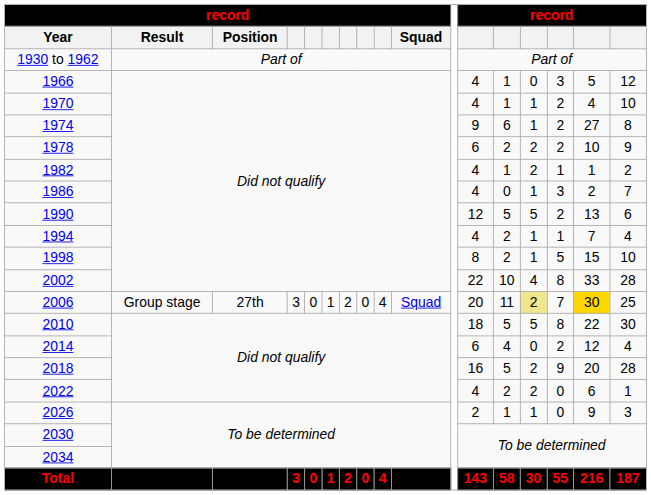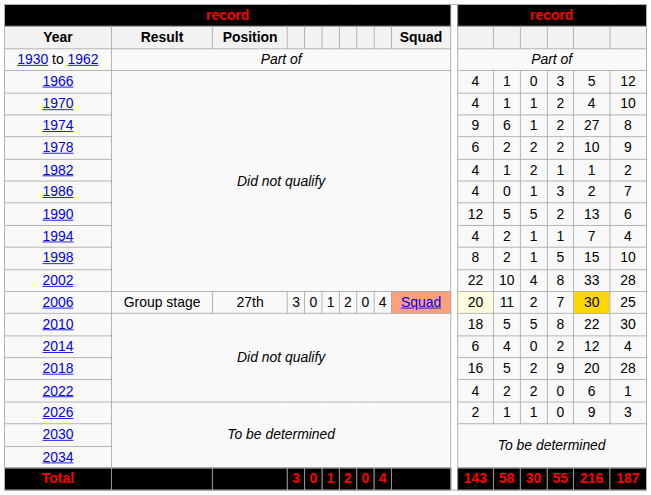 <table class="wikitable" style="text-align: center;">
 <tr>
 <th style="color:red; background:black;" colspan=10><a href='#'></a> record</th>
 <th style="width:1%;background:white" rowspan=22></th>
 <th style="color:red; background:black;" colspan=7><a href='#'></a> record</th>
 </tr>
 <tr>
 <th>Year</th>
 <th>Result</th>
 <th>Position</th>
 <th></th>
 <th></th>
 <th></th>
 <th></th>
 <th></th>
 <th></th>
 <th>Squad</th>
 <th></th>
 <th></th>
 <th></th>
 <th></th>
 <th></th>
 <th></th>
 </tr>
 <tr>
 <td><a href='#'>1930</a> to <a href='#'>1962</a></td>
 <td colspan=9><em>Part of </em></td>
 <td colspan=7><em>Part of </em></td>
 </tr>
 <tr>
 <td> <a href='#'>1966</a></td>
 <td colspan=9 rowspan=10><em>Did not qualify</em></td>
 <td>4</td>
 <td>1</td>
 <td>0</td>
 <td>3</td>
 <td>5</td>
 <td>12</td>
 </tr>
 <tr>
 <td> <a href='#'>1970</a></td>
 <td>4</td>
 <td>1</td>
 <td>1</td>
 <td>2</td>
 <td>4</td>
 <td>10</td>
 </tr>
 <tr>
 <td> <a href='#'>1974</a></td>
 <td>9</td>
 <td>6</td>
 <td>1</td>
 <td>2</td>
 <td>27</td>
 <td>8</td>
 </tr>
 <tr>
 <td> <a href='#'>1978</a></td>
 <td>6</td>
 <td>2</td>
 <td>2</td>
 <td>2</td>
 <td>10</td>
 <td>9</td>
 </tr>
 <tr>
 <td> <a href='#'>1982</a></td>
 <td>4</td>
 <td>1</td>
 <td>2</td>
 <td>1</td>
 <td>1</td>
 <td>2</td>
 </tr>
 <tr>
 <td> <a href='#'>1986</a></td>
 <td>4</td>
 <td>0</td>
 <td>1</td>
 <td>3</td>
 <td>2</td>
 <td>7</td>
 </tr>
 <tr>
 <td> <a href='#'>1990</a></td>
 <td>12</td>
 <td>5</td>
 <td>5</td>
 <td>2</td>
 <td>13</td>
 <td>6</td>
 </tr>
 <tr>
 <td> <a href='#'>1994</a></td>
 <td>4</td>
 <td>2</td>
 <td>1</td>
 <td>1</td>
 <td>7</td>
 <td>4</td>
 </tr>
 <tr>
 <td> <a href='#'>1998</a></td>
 <td>8</td>
 <td>2</td>
 <td>1</td>
 <td>5</td>
 <td>15</td>
 <td>10</td>
 </tr>
 <tr>
 <td>  <a href='#'>2002</a></td>
 <td>22</td>
 <td>10</td>
 <td>4</td>
 <td>8</td>
 <td>33</td>
 <td>28</td>
 </tr>
 <tr>
 <td> <a href='#'>2006</a></td>
 <td>Group stage</td>
 <td>27th</td>
 <td>3</td>
 <td>0</td>
 <td>1</td>
 <td>2</td>
 <td>0</td>
 <td>4</td>
-<td><a href='#'>Squad</a></td>
-<td>20</td>
+<td style="background: lightsalmon;"><a href='#'>Squad</a></td>
+<td style="background: lightyellow;">20</td>
 <td>11</td>
-<td style="background: khaki;">2</td>
+<td>2</td>
 <td>7</td>
 <td style="background: gold;">30</td>
 <td>25</td>
 </tr>
 <tr>
 <td> <a href='#'>2010</a></td>
 <td colspan=9 rowspan=4><em>Did not qualify</em></td>
 <td>18</td>
 <td>5</td>
 <td>5</td>
 <td>8</td>
 <td>22</td>
 <td>30</td>
 </tr>
 <tr>
 <td> <a href='#'>2014</a></td>
 <td>6</td>
 <td>4</td>
 <td>0</td>
 <td>2</td>
 <td>12</td>
 <td>4</td>
 </tr>
 <tr>
 <td> <a href='#'>2018</a></td>
 <td>16</td>
 <td>5</td>
 <td>2</td>
 <td>9</td>
 <td>20</td>
 <td>28</td>
 </tr>
 <tr>
 <td> <a href='#'>2022</a></td>
 <td>4</td>
 <td>2</td>
 <td>2</td>
 <td>0</td>
 <td>6</td>
 <td>1</td>
 </tr>
 <tr>
 <td>   <a href='#'>2026</a></td>
 <td colspan=9 rowspan=3><em>To be determined</em></td>
 <td>2</td>
 <td>1</td>
 <td>1</td>
 <td>0</td>
 <td>9</td>
 <td>3</td>
 </tr>
 <tr>
 <td>   <a href='#'>2030</a></td>
 <td colspan=7 rowspan=2><em>To be determined</em></td>
 </tr>
 <tr>
 <td> <a href='#'>2034</a></td>
 </tr>
 <tr>
 <th style="color:red; background:black;">Total</th>
 <th style="color:red; background:black;"></th>
 <th style="color:red; background:black;"></th>
 <th style="color:red; background:black;">3</th>
 <th style="color:red; background:black;">0</th>
 <th style="color:red; background:black;">1</th>
 <th style="color:red; background:black;">2</th>
 <th style="color:red; background:black;">0</th>
 <th style="color:red; background:black;">4</th>
 <th style="color:red; background:black;"></th>
 <th style="color:red; background:black;">143</th>
 <th style="color:red; background:black;">58</th>
 <th style="color:red; background:black;">30</th>
 <th style="color:red; background:black;">55</th>
 <th style="color:red; background:black;">216</th>
 <th style="color:red; background:black;">187</th>
 </tr>
 </table>
